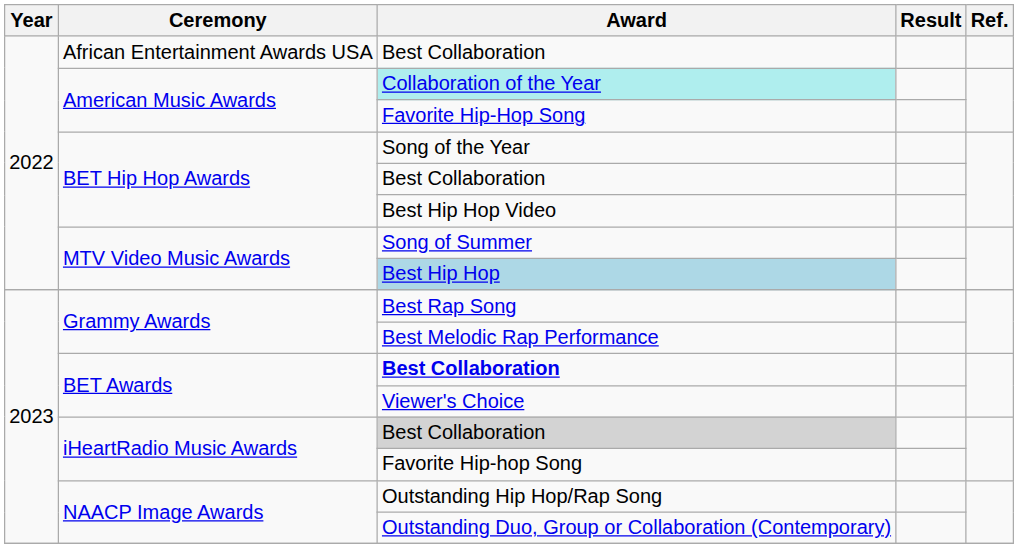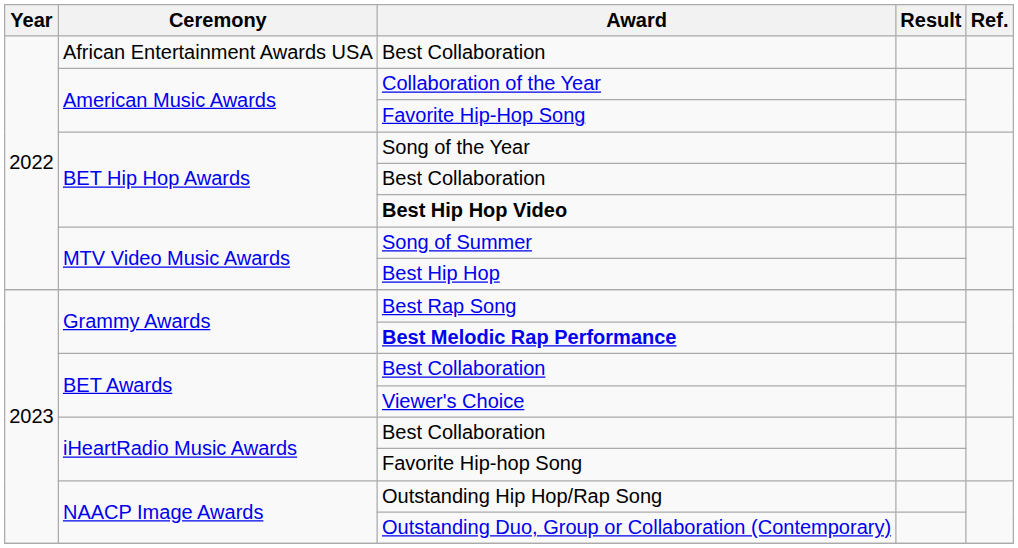 <table class="wikitable plainrowheaders">
 <tr>
 <th scope="col">Year</th>
 <th scope="col">Ceremony</th>
 <th scope="col">Award</th>
 <th scope="col">Result</th>
 <th scope="col">Ref.</th>
 </tr>
 <tr>
 <td rowspan="8" scope="row">2022</td>
 <td>African Entertainment Awards USA</td>
 <td>Best Collaboration</td>
 <td></td>
 <td align="center"></td>
 </tr>
 <tr>
 <td rowspan="2"><a href='#'>American Music Awards</a></td>
-<td style="background: paleturquoise;"><a href='#'>Collaboration of the Year</a></td>
+<td><a href='#'>Collaboration of the Year</a></td>
 <td></td>
 <td rowspan="2" align="center"></td>
 </tr>
 <tr>
 <td><a href='#'>Favorite Hip-Hop Song</a></td>
 <td></td>
 </tr>
 <tr>
 <td rowspan="3"><a href='#'>BET Hip Hop Awards</a></td>
 <td>Song of the Year</td>
 <td></td>
 <td rowspan="3"></td>
 </tr>
 <tr>
 <td>Best Collaboration</td>
 <td></td>
 </tr>
 <tr>
-<td>Best Hip Hop Video</td>
+<td><strong>Best Hip Hop Video</strong></td>
 <td></td>
 </tr>
 <tr>
 <td rowspan="2"><a href='#'>MTV Video Music Awards</a></td>
 <td><a href='#'>Song of Summer</a></td>
 <td></td>
 <td rowspan="2" align="center"></td>
 </tr>
 <tr>
-<td style="background: lightblue;"><a href='#'>Best Hip Hop</a></td>
+<td><a href='#'>Best Hip Hop</a></td>
 <td></td>
 </tr>
 <tr>
 </tr>
 <tr>
 <td rowspan="8">2023</td>
 <td rowspan="2"><a href='#'>Grammy Awards</a></td>
 <td><a href='#'>Best Rap Song</a></td>
 <td></td>
 <td rowspan="2" align="center"></td>
 </tr>
 <tr>
-<td><a href='#'>Best Melodic Rap Performance</a></td>
+<td><strong><a href='#'>Best Melodic Rap Performance</a></strong></td>
 <td></td>
 </tr>
 <tr>
 <td rowspan="2"><a href='#'>BET Awards</a></td>
-<td><strong><a href='#'>Best Collaboration</a></strong></td>
+<td><a href='#'>Best Collaboration</a></td>
 <td></td>
 <td rowspan="2" align="center"></td>
 </tr>
 <tr>
 <td><a href='#'>Viewer's Choice</a></td>
 <td></td>
 </tr>
 <tr>
 <td rowspan="2"><a href='#'>iHeartRadio Music Awards</a></td>
-<td style="background: lightgrey;">Best Collaboration</td>
+<td>Best Collaboration</td>
 <td></td>
 <td rowspan="2" align="center"></td>
 </tr>
 <tr>
 <td>Favorite Hip-hop Song</td>
 <td></td>
 </tr>
 <tr>
 <td rowspan="2"><a href='#'>NAACP Image Awards</a></td>
 <td>Outstanding Hip Hop/Rap Song</td>
 <td></td>
 <td rowspan="2" align="center"></td>
 </tr>
 <tr>
 <td><a href='#'>Outstanding Duo, Group or Collaboration (Contemporary)</a></td>
 <td></td>
 </tr>
 <tr>
 </tr>
 </table>
